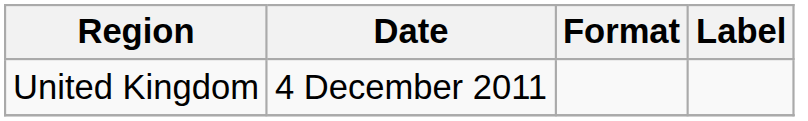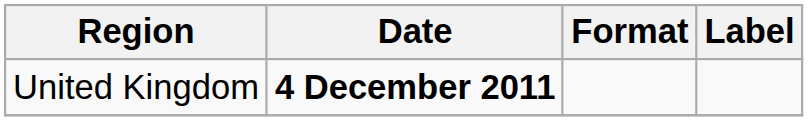 <table class=wikitable>
 <tr>
 <th>Region</th>
 <th>Date</th>
 <th>Format</th>
 <th>Label</th>
 </tr>
 <tr>
 <td>United Kingdom</td>
-<td>4 December 2011</td>
+<td><strong>4 December 2011</strong></td>
 <td></td>
 <td></td>
 </tr>
 <tr>
 </tr>
 </table>
